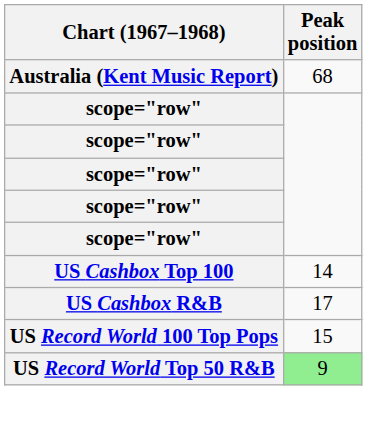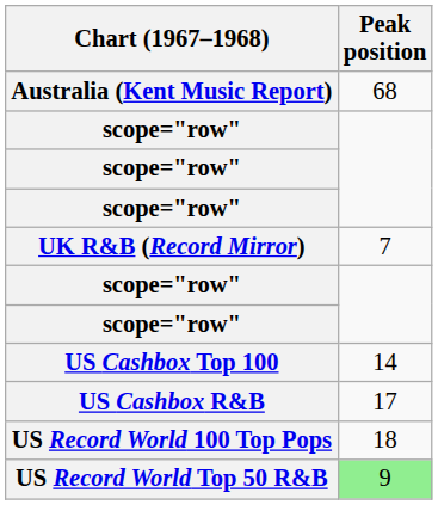 <table class="wikitable sortable plainrowheaders">
 <tr>
 <th scope="col">Chart (1967–1968)</th>
 <th scope="col">Peak<br>position</th>
 </tr>
 <tr>
 <th scope="row">Australia (<a href='#'>Kent Music Report</a>)</th>
 <td align="center">68</td>
 </tr>
 <tr>
 <th>scope="row" </th>
 </tr>
 <tr>
 <th>scope="row" </th>
 </tr>
 <tr>
 <th>scope="row" </th>
 </tr>
 <tr>
+<th scope="row"><a href='#'>UK R&B</a> (<em><a href='#'>Record Mirror</a></em>)</th>
+<td align="center">7</td>
+</tr>
+<tr>
 <th>scope="row" </th>
 </tr>
 <tr>
 <th>scope="row" </th>
 </tr>
 <tr>
 <th scope="row"><a href='#'>US <em>Cashbox</em> Top 100</a></th>
 <td style="text-align:center;">14</td>
 </tr>
 <tr>
 <th scope="row"><a href='#'>US <em>Cashbox</em> R&B</a></th>
 <td style="text-align:center;">17</td>
 </tr>
 <tr>
 <th scope="row">US <a href='#'><em>Record World</em> 100 Top Pops</a></th>
-<td style="text-align:center;">15</td>
+<td style="text-align:center;">18</td>
 </tr>
 <tr>
 <th scope="row">US <a href='#'><em>Record World</em> Top 50 R&B</a></th>
 <td style="background: lightgreen; text-align:center;">9</td>
 </tr>
 </table>
